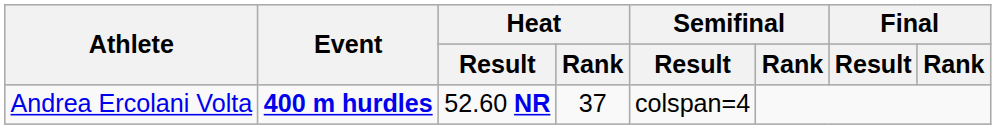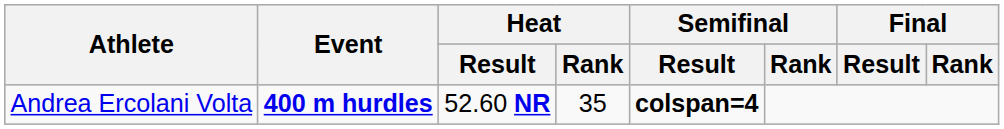 <table class="wikitable">
 <tr>
 <th rowspan="2">Athlete</th>
 <th rowspan="2">Event</th>
 <th colspan="2">Heat</th>
 <th colspan="2">Semifinal</th>
 <th colspan="2">Final</th>
 </tr>
 <tr>
 <th>Result</th>
 <th>Rank</th>
 <th>Result</th>
 <th>Rank</th>
 <th>Result</th>
 <th>Rank</th>
 </tr>
 <tr style=text-align:center>
 <td style=text-align:left><a href='#'>Andrea Ercolani Volta</a></td>
 <td style=text-align:left><strong><a href='#'>400 m hurdles</a></strong></td>
 <td>52.60 <strong><a href='#'>NR</a></strong></td>
-<td>37</td>
-<td>colspan=4 </td>
+<td>35</td>
+<td><strong>colspan=4 </strong></td>
 </tr>
 </table>
